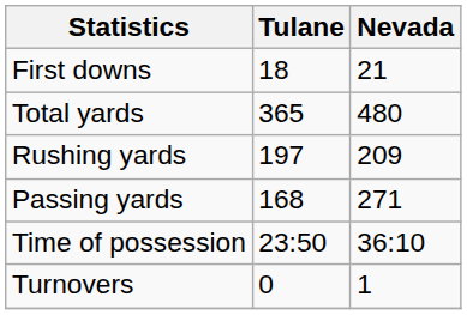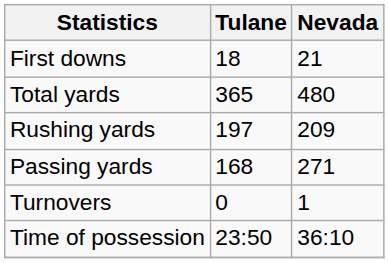 <table class="wikitable">
 <tr>
 <th>Statistics</th>
 <th>Tulane</th>
 <th>Nevada</th>
 </tr>
 <tr>
 <td>First downs</td>
 <td>18</td>
 <td>21</td>
 </tr>
 <tr>
 <td>Total yards</td>
 <td>365</td>
 <td>480</td>
 </tr>
 <tr>
 <td>Rushing yards</td>
 <td>197</td>
 <td>209</td>
 </tr>
 <tr>
 <td>Passing yards</td>
 <td>168</td>
 <td>271</td>
 </tr>
 <tr>
+<td>Turnovers</td>
+<td>0</td>
+<td>1</td>
+</tr>
+<tr>
 <td>Time of possession</td>
 <td>23:50</td>
 <td>36:10</td>
 </tr>
 <tr>
-<td>Turnovers</td>
-<td>0</td>
-<td>1</td>
-</tr>
-<tr>
 </tr>
 </table>
